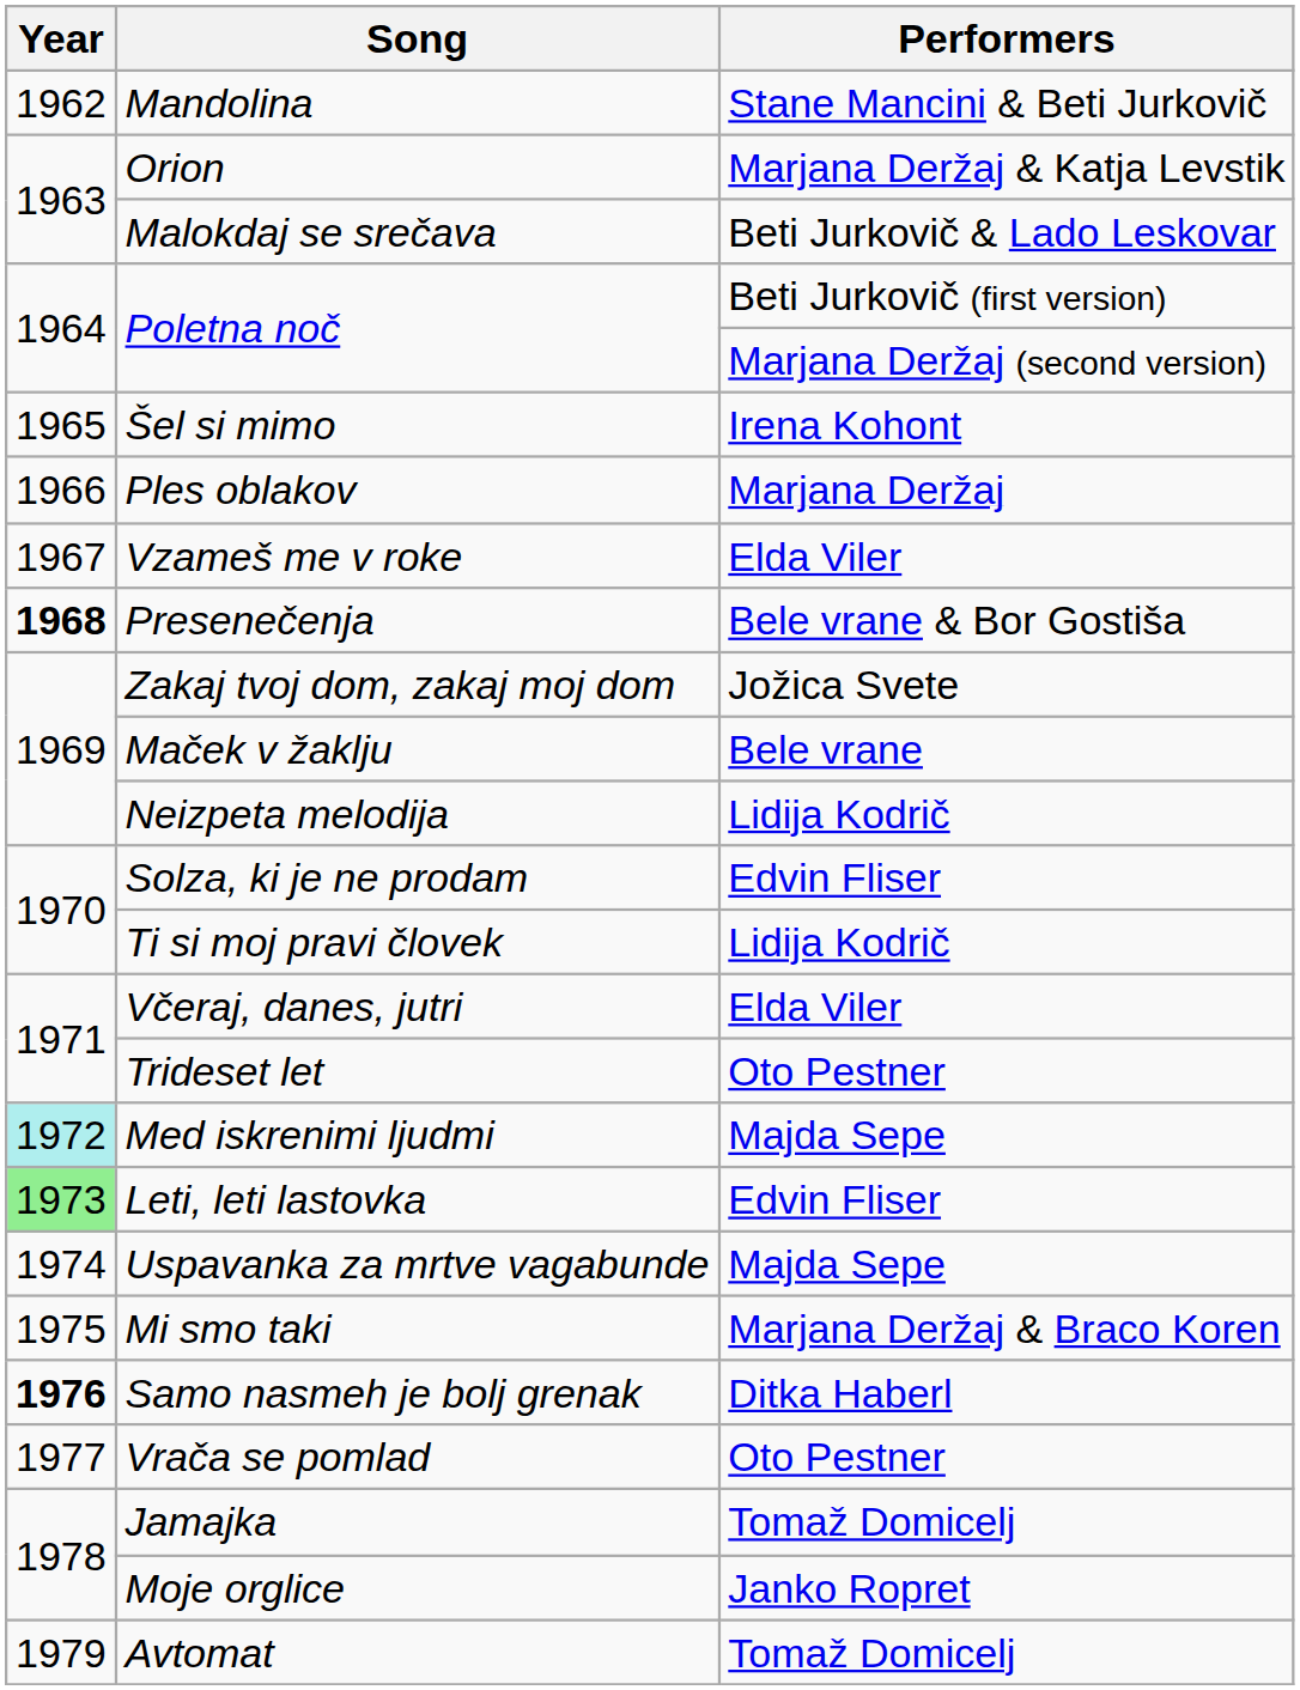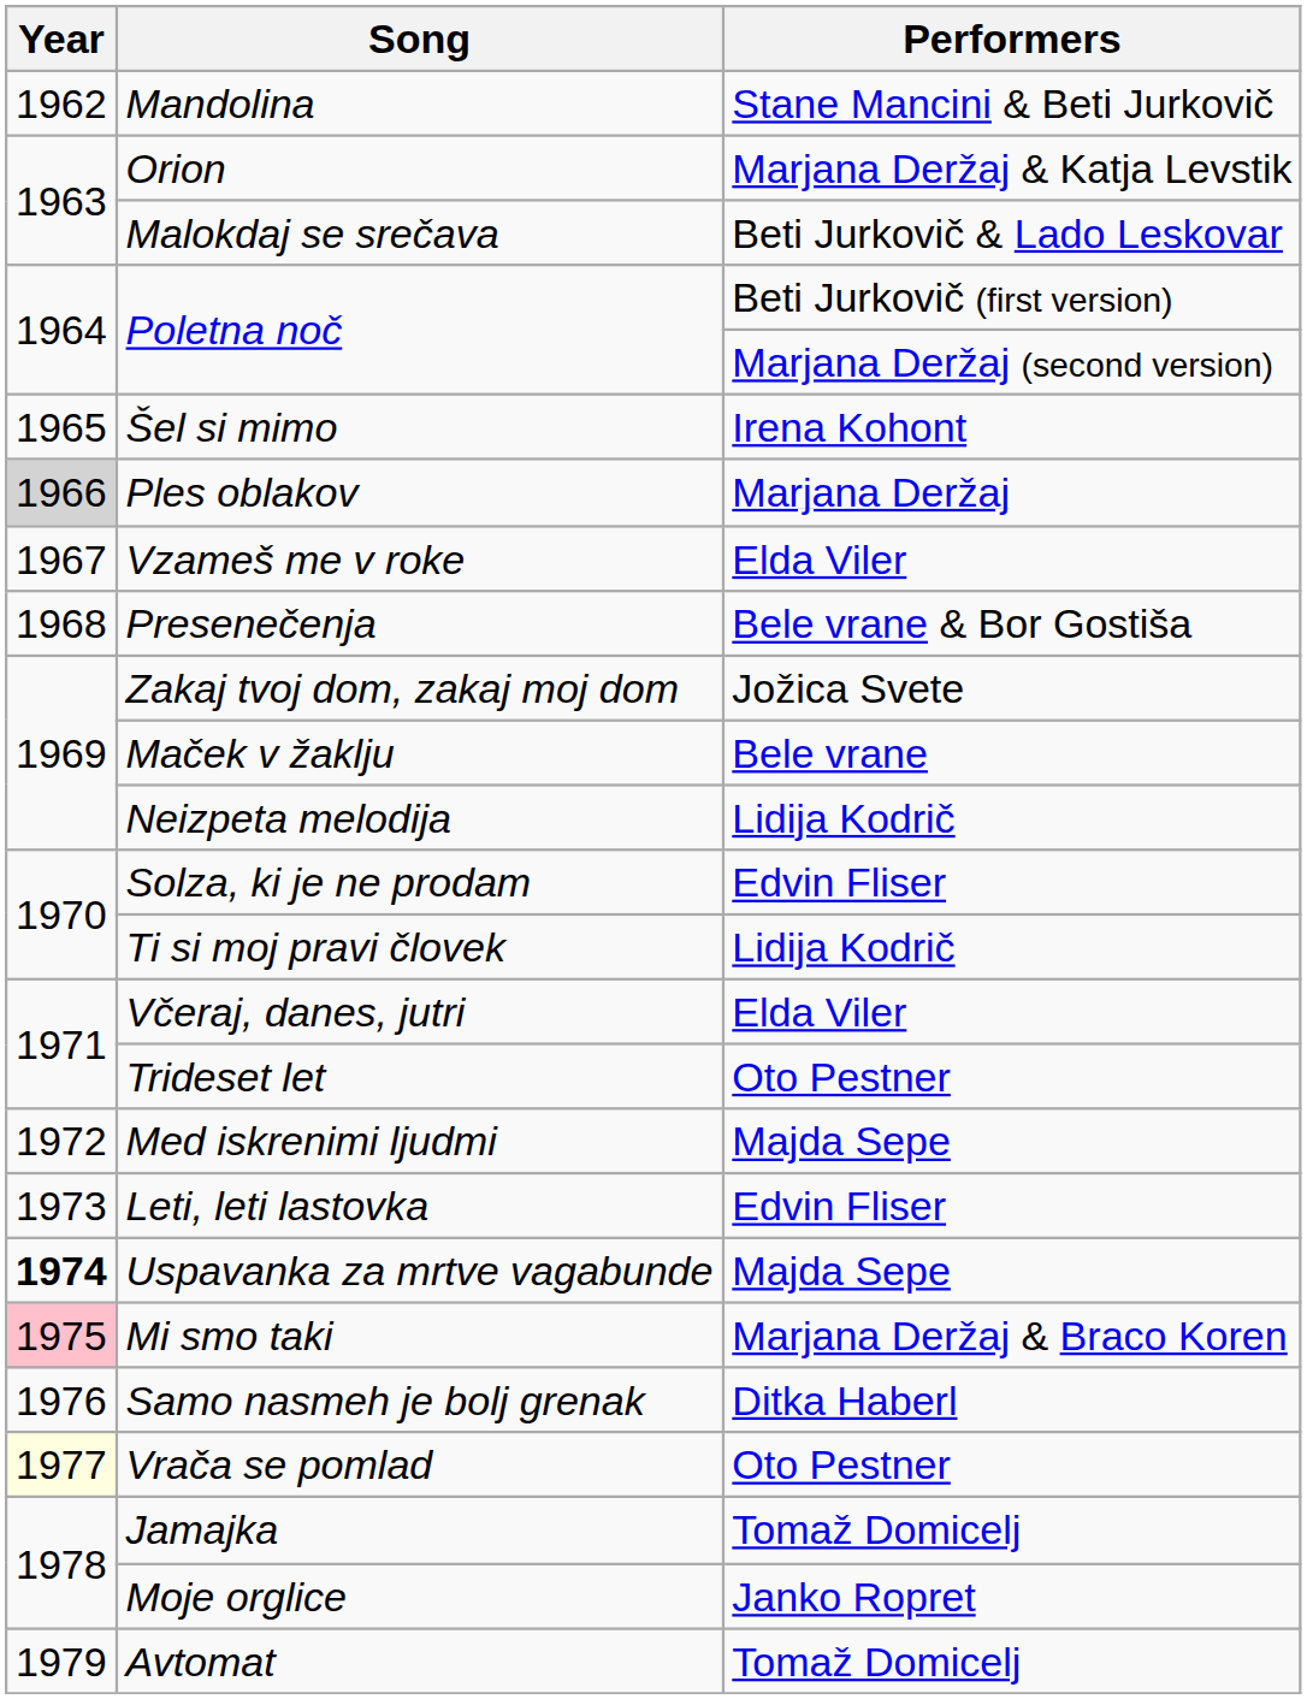 <table class="wikitable" style="font-size: 95%;">
 <tr>
 <th>Year</th>
 <th>Song</th>
 <th>Performers</th>
 </tr>
 <tr>
 <td>1962</td>
 <td><em>Mandolina</em></td>
 <td><a href='#'>Stane Mancini</a> & Beti Jurkovič</td>
 </tr>
 <tr>
 <td rowspan=2>1963</td>
 <td><em>Orion</em></td>
 <td><a href='#'>Marjana Deržaj</a> & Katja Levstik</td>
 </tr>
 <tr>
 <td><em>Malokdaj se srečava</em></td>
 <td>Beti Jurkovič & <a href='#'>Lado Leskovar</a></td>
 </tr>
 <tr>
 <td rowspan=2>1964</td>
 <td rowspan=2><em><a href='#'>Poletna noč</a></em></td>
 <td>Beti Jurkovič <small>(first version)</small></td>
 </tr>
 <tr>
 <td><a href='#'>Marjana Deržaj</a> <small>(second version)</small></td>
 </tr>
 <tr>
 <td>1965</td>
 <td><em>Šel si mimo</em></td>
 <td><a href='#'>Irena Kohont</a></td>
 </tr>
 <tr>
-<td>1966</td>
+<td style="background: lightgrey;">1966</td>
 <td><em>Ples oblakov</em></td>
 <td><a href='#'>Marjana Deržaj</a></td>
 </tr>
 <tr>
 <td>1967</td>
 <td><em>Vzameš me v roke</em></td>
 <td><a href='#'>Elda Viler</a></td>
 </tr>
 <tr>
-<td><strong>1968</strong></td>
+<td>1968</td>
 <td><em>Presenečenja</em></td>
 <td><a href='#'>Bele vrane</a> & Bor Gostiša</td>
 </tr>
 <tr>
 <td rowspan=3>1969</td>
 <td><em>Zakaj tvoj dom, zakaj moj dom </em></td>
 <td>Jožica Svete</td>
 </tr>
 <tr>
 <td><em>Maček v žaklju</em></td>
 <td><a href='#'>Bele vrane</a></td>
 </tr>
 <tr>
 <td><em>Neizpeta melodija</em></td>
 <td><a href='#'>Lidija Kodrič</a></td>
 </tr>
 <tr>
 <td rowspan=2>1970</td>
 <td><em>Solza, ki je ne prodam</em></td>
 <td><a href='#'>Edvin Fliser</a></td>
 </tr>
 <tr>
 <td><em>Ti si moj pravi človek</em></td>
 <td><a href='#'>Lidija Kodrič</a></td>
 </tr>
 <tr>
 <td rowspan=2>1971</td>
 <td><em>Včeraj, danes, jutri</em></td>
 <td><a href='#'>Elda Viler</a></td>
 </tr>
 <tr>
 <td><em>Trideset let</em></td>
 <td><a href='#'>Oto Pestner</a></td>
 </tr>
 <tr>
-<td style="background: paleturquoise;">1972</td>
+<td>1972</td>
 <td><em>Med iskrenimi ljudmi</em></td>
 <td><a href='#'>Majda Sepe</a></td>
 </tr>
 <tr>
-<td style="background: lightgreen;">1973</td>
+<td>1973</td>
 <td><em>Leti, leti lastovka</em></td>
 <td><a href='#'>Edvin Fliser</a></td>
 </tr>
 <tr>
-<td>1974</td>
+<td><strong>1974</strong></td>
 <td><em>Uspavanka za mrtve vagabunde</em></td>
 <td><a href='#'>Majda Sepe</a></td>
 </tr>
 <tr>
-<td>1975</td>
+<td style="background: pink;">1975</td>
 <td><em>Mi smo taki</em></td>
 <td><a href='#'>Marjana Deržaj</a> & <a href='#'>Braco Koren</a></td>
 </tr>
 <tr>
-<td><strong>1976</strong></td>
+<td>1976</td>
 <td><em>Samo nasmeh je bolj grenak</em></td>
 <td><a href='#'>Ditka Haberl</a></td>
 </tr>
 <tr>
-<td>1977</td>
+<td style="background: lightyellow;">1977</td>
 <td><em>Vrača se pomlad</em></td>
 <td><a href='#'>Oto Pestner</a></td>
 </tr>
 <tr>
 <td rowspan=2>1978</td>
 <td><em>Jamajka</em></td>
 <td><a href='#'>Tomaž Domicelj</a></td>
 </tr>
 <tr>
 <td><em>Moje orglice</em></td>
 <td><a href='#'>Janko Ropret</a></td>
 </tr>
 <tr>
 <td>1979</td>
 <td><em>Avtomat</em></td>
 <td><a href='#'>Tomaž Domicelj</a></td>
 </tr>
 </table>
